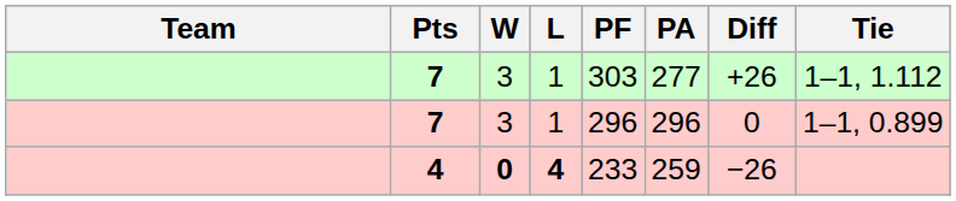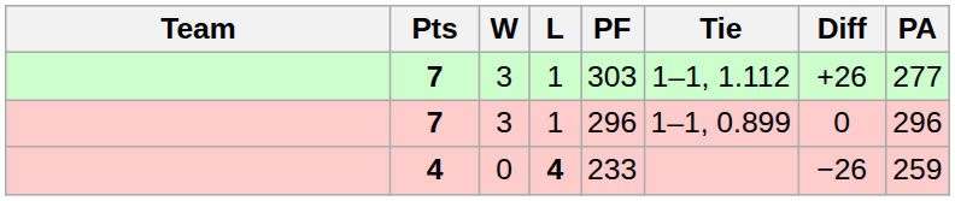 <table class=wikitable style="text-align:center">
 <tr>
 <th width=200>Team</th>
 <th width=40>Pts</th>
 <th width=20>W</th>
 <th width=20>L</th>
 <th width=20>PF</th>
+<th>Tie</th>
+<th width=40>Diff</th>
 <th width=20>PA</th>
-<th width=40>Diff</th>
-<th>Tie</th>
 </tr>
 <tr style="background:#cfc;">
 <td style="text-align:left"></td>
 <td><strong>7</strong></td>
 <td>3</td>
 <td>1</td>
 <td>303</td>
+<td>1–1, 1.112</td>
+<td>+26</td>
 <td>277</td>
-<td>+26</td>
-<td>1–1, 1.112</td>
 </tr>
 <tr style="background:#fcc;">
 <td style="text-align:left"></td>
 <td><strong>7</strong></td>
 <td>3</td>
 <td>1</td>
 <td>296</td>
+<td>1–1, 0.899</td>
+<td>0</td>
 <td>296</td>
-<td>0</td>
-<td>1–1, 0.899</td>
 </tr>
 <tr style="background:#fcc;">
 <td style="text-align:left"></td>
 <td><strong>4</strong></td>
-<td><strong>0</strong></td>
+<td>0</td>
 <td><strong>4</strong></td>
 <td>233</td>
+<td></td>
+<td>−26</td>
 <td>259</td>
-<td>−26</td>
-<td></td>
 </tr>
 </table>
